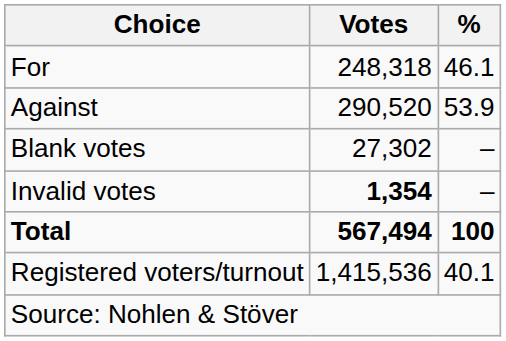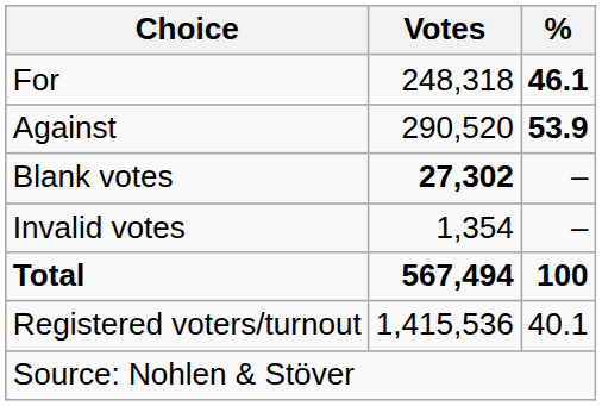 <table class=wikitable style=text-align:right>
 <tr>
 <th>Choice</th>
 <th>Votes</th>
 <th>%</th>
 </tr>
 <tr>
 <td align=left>For</td>
 <td>248,318</td>
-<td>46.1</td>
+<td><strong>46.1</strong></td>
 </tr>
 <tr>
 <td align=left>Against</td>
 <td>290,520</td>
-<td>53.9</td>
+<td><strong>53.9</strong></td>
 </tr>
 <tr>
 <td align=left>Blank votes</td>
-<td>27,302</td>
+<td><strong>27,302</strong></td>
 <td>–</td>
 </tr>
 <tr>
 <td align=left>Invalid votes</td>
-<td><strong>1,354</strong></td>
+<td>1,354</td>
 <td>–</td>
 </tr>
 <tr>
 <td align=left><strong>Total</strong></td>
 <td><strong>567,494</strong></td>
 <td><strong>100</strong></td>
 </tr>
 <tr>
 <td align=left>Registered voters/turnout</td>
 <td>1,415,536</td>
 <td>40.1</td>
 </tr>
 <tr>
 <td align=left colspan=6>Source: Nohlen & Stöver</td>
 </tr>
 </table>
